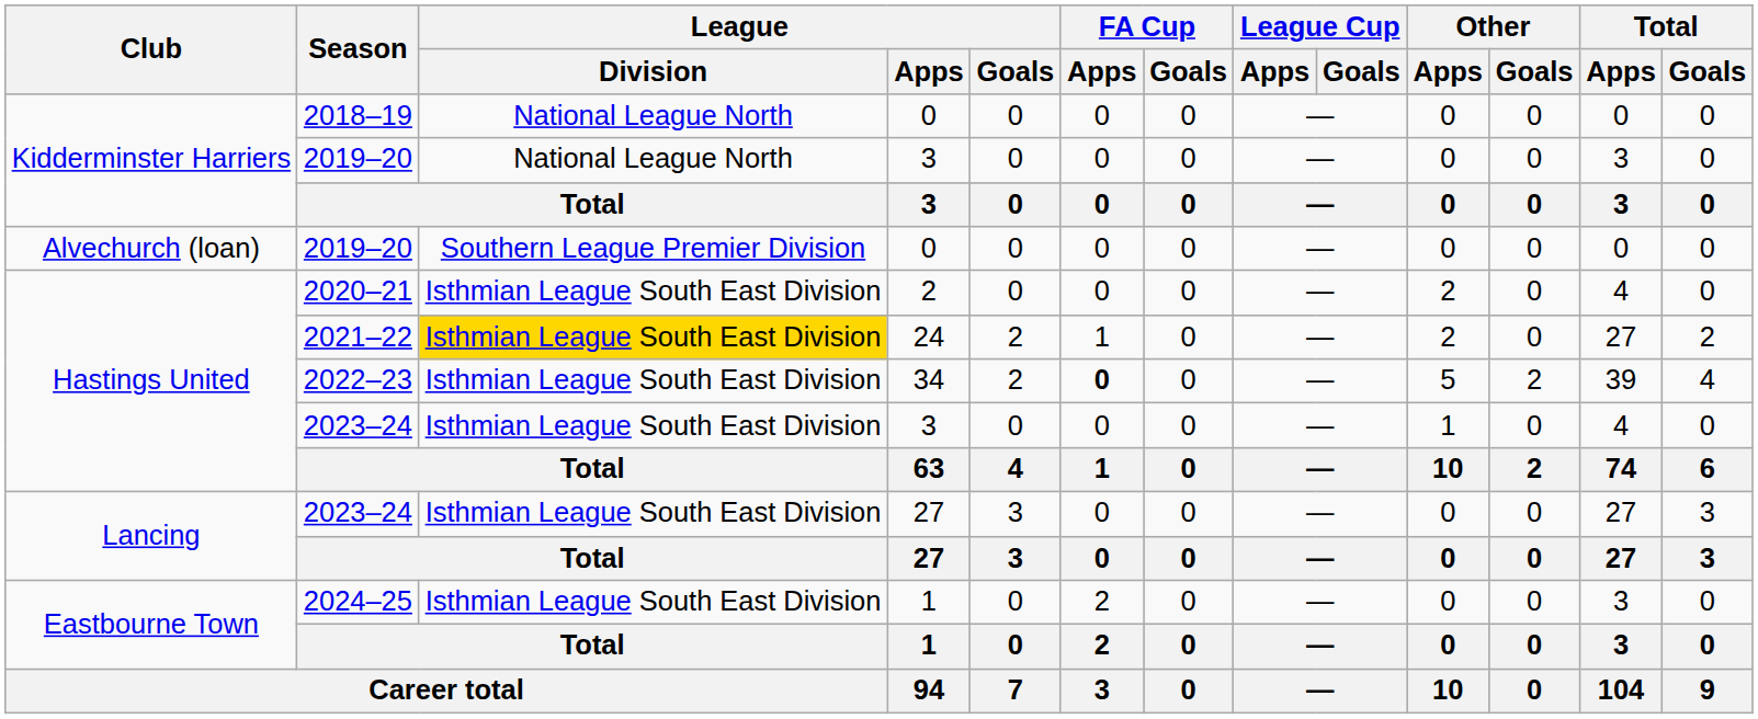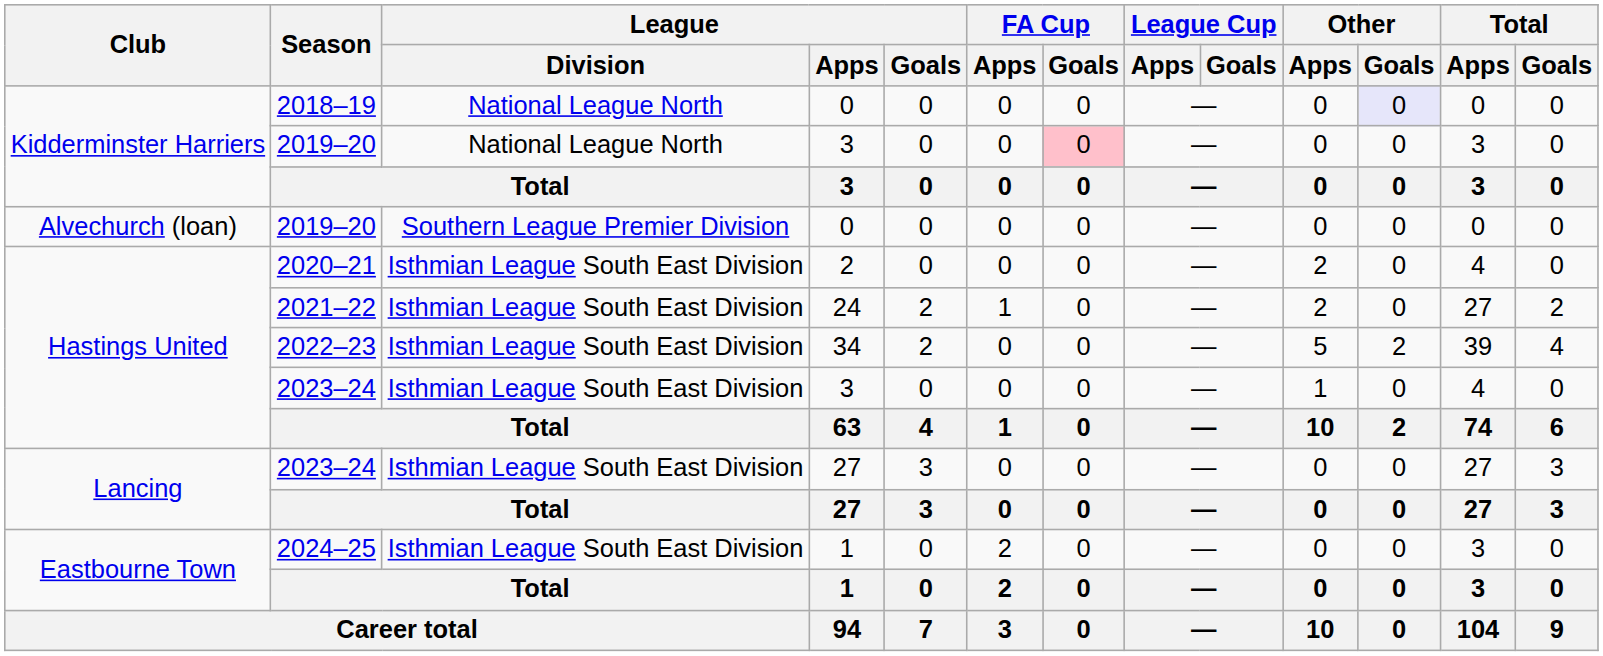 <table class="wikitable" style="text-align:center">
 <tr>
 <th rowspan="2">Club</th>
 <th rowspan="2">Season</th>
 <th colspan="3">League</th>
 <th colspan="2"><a href='#'>FA Cup</a></th>
 <th colspan="2"><a href='#'>League Cup</a></th>
 <th colspan="2">Other</th>
 <th colspan="2">Total</th>
 </tr>
 <tr>
 <th>Division</th>
 <th>Apps</th>
 <th>Goals</th>
 <th>Apps</th>
 <th>Goals</th>
 <th>Apps</th>
 <th>Goals</th>
 <th>Apps</th>
 <th>Goals</th>
 <th>Apps</th>
 <th>Goals</th>
 </tr>
 <tr>
 <td rowspan=3><a href='#'>Kidderminster Harriers</a></td>
 <td><a href='#'>2018–19</a></td>
 <td><a href='#'>National League North</a></td>
 <td>0</td>
 <td>0</td>
 <td>0</td>
 <td>0</td>
 <td colspan=2>—</td>
 <td>0</td>
-<td>0</td>
+<td style="background: lavender;">0</td>
 <td>0</td>
 <td>0</td>
 </tr>
 <tr>
 <td><a href='#'>2019–20</a></td>
 <td>National League North</td>
 <td>3</td>
 <td>0</td>
 <td>0</td>
-<td>0</td>
+<td style="background: pink;">0</td>
 <td colspan=2>—</td>
 <td>0</td>
 <td>0</td>
 <td>3</td>
 <td>0</td>
 </tr>
 <tr>
 <th colspan=2>Total</th>
 <th>3</th>
 <th>0</th>
 <th>0</th>
 <th>0</th>
 <th colspan=2>—</th>
 <th>0</th>
 <th>0</th>
 <th>3</th>
 <th>0</th>
 </tr>
 <tr>
 <td><a href='#'>Alvechurch</a> (loan)</td>
 <td><a href='#'>2019–20</a></td>
 <td><a href='#'>Southern League Premier Division</a></td>
 <td>0</td>
 <td>0</td>
 <td>0</td>
 <td>0</td>
 <td colspan=2>—</td>
 <td>0</td>
 <td>0</td>
 <td>0</td>
 <td>0</td>
 </tr>
 <tr>
 <td rowspan="5"><a href='#'>Hastings United</a></td>
 <td><a href='#'>2020–21</a></td>
 <td><a href='#'>Isthmian League</a> South East Division</td>
 <td>2</td>
 <td>0</td>
 <td>0</td>
 <td>0</td>
 <td colspan=2>—</td>
 <td>2</td>
 <td>0</td>
 <td>4</td>
 <td>0</td>
 </tr>
 <tr>
 <td><a href='#'>2021–22</a></td>
-<td style="background: gold;"><a href='#'>Isthmian League</a> South East Division</td>
+<td><a href='#'>Isthmian League</a> South East Division</td>
 <td>24</td>
 <td>2</td>
 <td>1</td>
 <td>0</td>
 <td colspan=2>—</td>
 <td>2</td>
 <td>0</td>
 <td>27</td>
 <td>2</td>
 </tr>
 <tr>
 <td><a href='#'>2022–23</a></td>
 <td><a href='#'>Isthmian League</a> South East Division</td>
 <td>34</td>
 <td>2</td>
-<td><strong>0</strong></td>
+<td>0</td>
 <td>0</td>
 <td colspan=2>—</td>
 <td>5</td>
 <td>2</td>
 <td>39</td>
 <td>4</td>
 </tr>
 <tr>
 <td><a href='#'>2023–24</a></td>
 <td><a href='#'>Isthmian League</a> South East Division</td>
 <td>3</td>
 <td>0</td>
 <td>0</td>
 <td>0</td>
 <td colspan=2>—</td>
 <td>1</td>
 <td>0</td>
 <td>4</td>
 <td>0</td>
 </tr>
 <tr>
 <th colspan=2>Total</th>
 <th>63</th>
 <th>4</th>
 <th>1</th>
 <th>0</th>
 <th colspan=2>—</th>
 <th>10</th>
 <th>2</th>
 <th>74</th>
 <th>6</th>
 </tr>
 <tr>
 <td rowspan="2"><a href='#'>Lancing</a></td>
 <td><a href='#'>2023–24</a></td>
 <td><a href='#'>Isthmian League</a> South East Division</td>
 <td>27</td>
 <td>3</td>
 <td>0</td>
 <td>0</td>
 <td colspan=2>—</td>
 <td>0</td>
 <td>0</td>
 <td>27</td>
 <td>3</td>
 </tr>
 <tr>
 <th colspan=2>Total</th>
 <th>27</th>
 <th>3</th>
 <th>0</th>
 <th>0</th>
 <th colspan=2>—</th>
 <th>0</th>
 <th>0</th>
 <th>27</th>
 <th>3</th>
 </tr>
 <tr>
 <td rowspan="2"><a href='#'>Eastbourne Town</a></td>
 <td><a href='#'>2024–25</a></td>
 <td><a href='#'>Isthmian League</a> South East Division</td>
 <td>1</td>
 <td>0</td>
 <td>2</td>
 <td>0</td>
 <td colspan=2>—</td>
 <td>0</td>
 <td>0</td>
 <td>3</td>
 <td>0</td>
 </tr>
 <tr>
 <th colspan=2>Total</th>
 <th>1</th>
 <th>0</th>
 <th>2</th>
 <th>0</th>
 <th colspan=2>—</th>
 <th>0</th>
 <th>0</th>
 <th>3</th>
 <th>0</th>
 </tr>
 <tr>
 <th colspan=3>Career total</th>
 <th>94</th>
 <th>7</th>
 <th>3</th>
 <th>0</th>
 <th colspan=2>—</th>
 <th>10</th>
 <th>0</th>
 <th>104</th>
 <th>9</th>
 </tr>
 </table>
